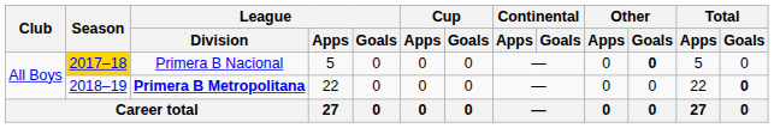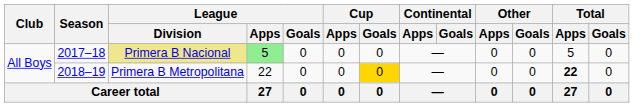 <table class="wikitable" style="text-align:center">
 <tr>
 <th rowspan="2">Club</th>
 <th rowspan="2">Season</th>
 <th colspan="3">League</th>
 <th colspan="2">Cup</th>
 <th colspan="2">Continental</th>
 <th colspan="2">Other</th>
 <th colspan="2">Total</th>
 </tr>
 <tr>
 <th>Division</th>
 <th>Apps</th>
 <th>Goals</th>
 <th>Apps</th>
 <th>Goals</th>
 <th>Apps</th>
 <th>Goals</th>
 <th>Apps</th>
 <th>Goals</th>
 <th>Apps</th>
 <th>Goals</th>
 </tr>
 <tr>
 <td rowspan="2"><a href='#'>All Boys</a></td>
-<td style="background: gold;"><a href='#'>2017–18</a></td>
-<td rowspan="1"><a href='#'>Primera B Nacional</a></td>
-<td>5</td>
-<td>0</td>
-<td>0</td>
-<td>0</td>
-<td colspan="2">—</td>
-<td>0</td>
-<td><strong>0</strong></td>
-<td>5</td>
-<td>0</td>
-</tr>
-<tr>
-<td><a href='#'>2018–19</a></td>
-<td rowspan="1"><strong><a href='#'>Primera B Metropolitana</a></strong></td>
-<td>22</td>
+<td><a href='#'>2017–18</a></td>
+<td rowspan="1" style="background: khaki;"><a href='#'>Primera B Nacional</a></td>
+<td style="background: lightgreen;">5</td>
 <td>0</td>
 <td>0</td>
 <td>0</td>
 <td colspan="2">—</td>
 <td>0</td>
 <td>0</td>
+<td>5</td>
+<td>0</td>
+</tr>
+<tr>
+<td><a href='#'>2018–19</a></td>
+<td rowspan="1"><a href='#'>Primera B Metropolitana</a></td>
 <td>22</td>
-<td><strong>0</strong></td>
+<td>0</td>
+<td>0</td>
+<td style="background: gold;">0</td>
+<td colspan="2">—</td>
+<td>0</td>
+<td>0</td>
+<td><strong>22</strong></td>
+<td>0</td>
 </tr>
 <tr>
 <th colspan="3">Career total</th>
 <th>27</th>
 <th>0</th>
 <th>0</th>
 <th>0</th>
 <th colspan="2">—</th>
 <th>0</th>
 <th>0</th>
 <th>27</th>
 <th>0</th>
 </tr>
 </table>
